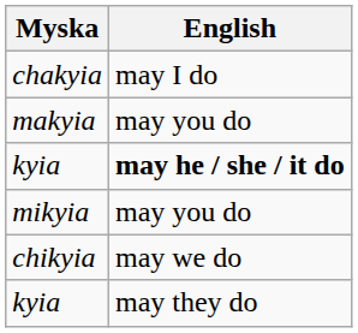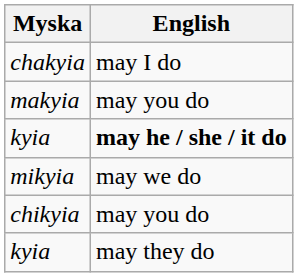 <table class="wikitable">
 <tr>
 <th>Myska</th>
 <th>English</th>
 </tr>
 <tr>
 <td><em>chakyia</em></td>
 <td>may I do</td>
 </tr>
 <tr>
 <td><em>makyia</em></td>
 <td>may you do</td>
 </tr>
 <tr>
 <td><em>kyia</em></td>
 <td><strong>may he / she / it do</strong></td>
 </tr>
 <tr>
 <td><em>mikyia</em></td>
-<td>may you do</td>
+<td>may we do</td>
 </tr>
 <tr>
 <td><em>chikyia</em></td>
-<td>may we do</td>
+<td>may you do</td>
 </tr>
 <tr>
 <td><em>kyia</em></td>
 <td>may they do</td>
 </tr>
 </table>
